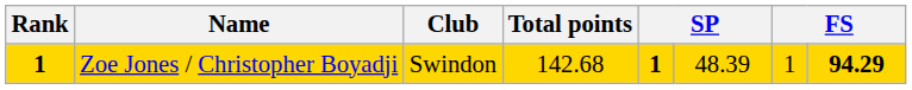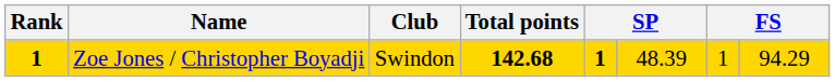 <table class="wikitable sortable">
 <tr>
 <th>Rank</th>
 <th>Name</th>
 <th>Club</th>
 <th>Total points</th>
 <th colspan="2" width="80px"><a href='#'>SP</a></th>
 <th colspan="2" width="80px"><a href='#'>FS</a></th>
 </tr>
 <tr bgcolor="gold">
 <td align="center"><strong>1</strong></td>
 <td><a href='#'>Zoe Jones</a> / <a href='#'>Christopher Boyadji</a></td>
 <td>Swindon</td>
-<td align="center">142.68</td>
+<td align="center"><strong>142.68</strong></td>
 <td align="center"><strong>1</strong></td>
 <td align="center">48.39</td>
 <td align="center">1</td>
-<td align="center"><strong>94.29</strong></td>
+<td align="center">94.29</td>
 </tr>
 </table>
